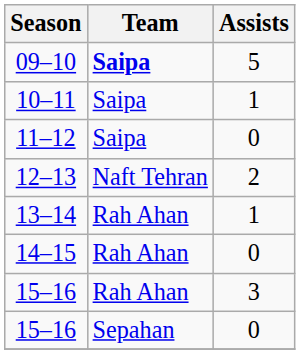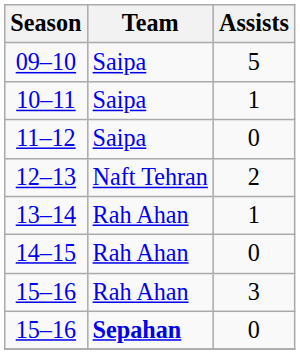 <table class="wikitable" style="text-align: center;">
 <tr>
 <th>Season</th>
 <th>Team</th>
 <th>Assists</th>
 </tr>
 <tr>
 <td><a href='#'>09–10</a></td>
-<td align="left"><strong><a href='#'>Saipa</a></strong></td>
+<td align="left"><a href='#'>Saipa</a></td>
 <td>5</td>
 </tr>
 <tr>
 <td><a href='#'>10–11</a></td>
 <td align="left"><a href='#'>Saipa</a></td>
 <td>1</td>
 </tr>
 <tr>
 <td><a href='#'>11–12</a></td>
 <td align="left"><a href='#'>Saipa</a></td>
 <td>0</td>
 </tr>
 <tr>
 <td><a href='#'>12–13</a></td>
 <td align="left"><a href='#'>Naft Tehran</a></td>
 <td>2</td>
 </tr>
 <tr>
 <td><a href='#'>13–14</a></td>
 <td align="left"><a href='#'>Rah Ahan</a></td>
 <td>1</td>
 </tr>
 <tr>
 <td><a href='#'>14–15</a></td>
 <td align="left"><a href='#'>Rah Ahan</a></td>
 <td>0</td>
 </tr>
 <tr>
 <td><a href='#'>15–16</a></td>
 <td align="left"><a href='#'>Rah Ahan</a></td>
 <td>3</td>
 </tr>
 <tr>
 <td><a href='#'>15–16</a></td>
-<td align="left"><a href='#'>Sepahan</a></td>
+<td align="left"><strong><a href='#'>Sepahan</a></strong></td>
 <td>0</td>
 </tr>
 <tr>
 </tr>
 </table>
